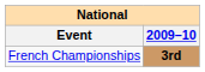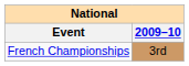 <table class="wikitable" style="text-align:center">
 <tr>
 <th style="background-color: #ffdead; " colspan=2 align=center>National</th>
 </tr>
 <tr>
 <th>Event</th>
 <th><a href='#'>2009–10</a></th>
 </tr>
 <tr>
 <td align=left><a href='#'>French Championships</a></td>
-<td bgcolor=cc9966><strong>3rd</strong></td>
+<td bgcolor=cc9966>3rd</td>
 </tr>
 </table>
